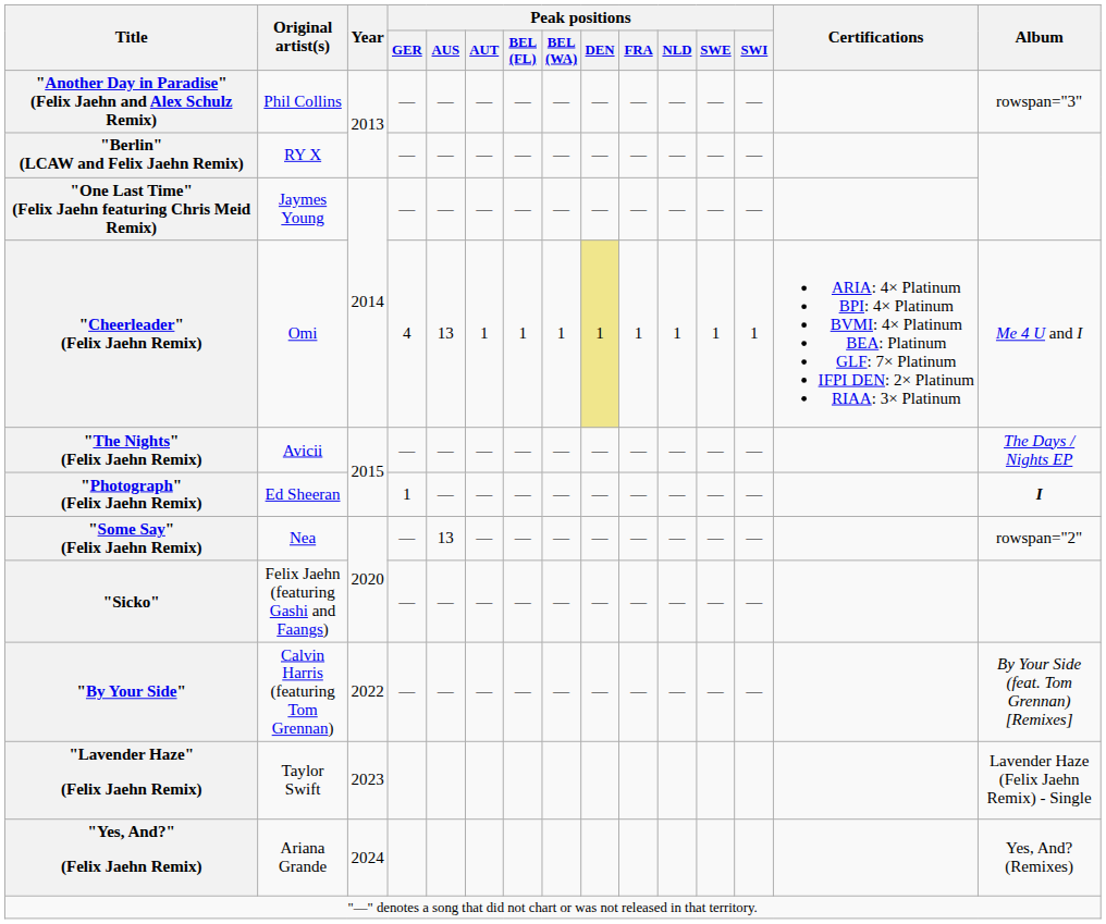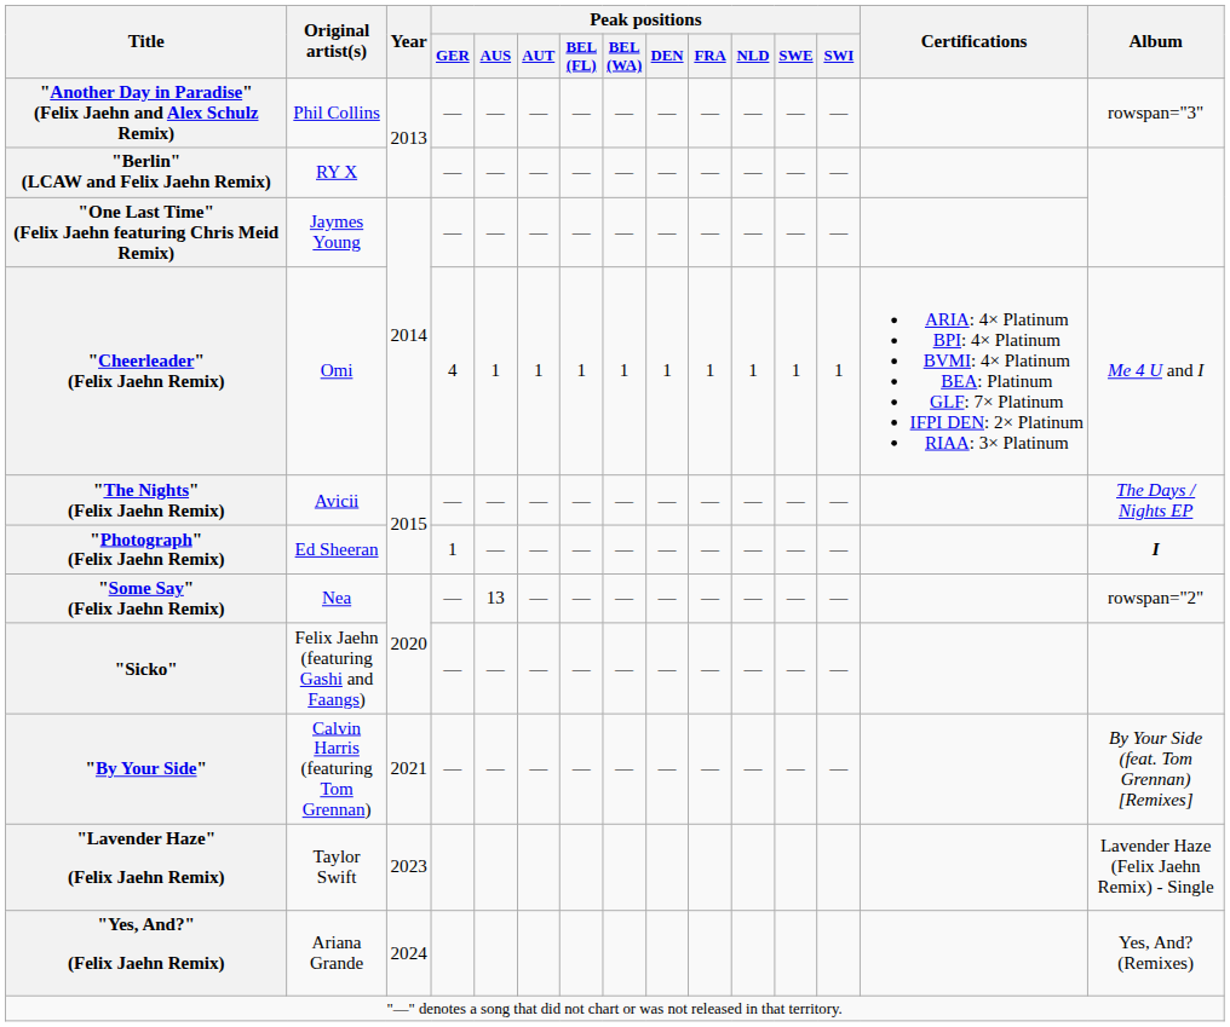 <table class="wikitable plainrowheaders" style="text-align:center;">
 <tr>
 <th scope="col" rowspan="2" style="width:15em;">Title</th>
 <th scope="col" rowspan="2" style="width:5em;">Original artist(s)</th>
 <th scope="col" rowspan="2" style="width:2em;">Year</th>
 <th scope="col" colspan="10">Peak positions</th>
 <th scope="col" rowspan="2">Certifications</th>
 <th scope="col" rowspan="2" style="width:7em;">Album</th>
 </tr>
 <tr>
 <th scope="col" style="width:2.3em;font-size:85%;"><a href='#'>GER</a><br></th>
 <th scope="col" style="width:2.3em;font-size:85%;"><a href='#'>AUS</a><br></th>
 <th scope="col" style="width:2.3em;font-size:85%;"><a href='#'>AUT</a><br></th>
 <th scope="col" style="width:2.3em;font-size:85%;"><a href='#'>BEL<br>(FL)</a><br></th>
 <th scope="col" style="width:2.3em;font-size:85%;"><a href='#'>BEL<br>(WA)</a><br></th>
 <th scope="col" style="width:2.3em;font-size:85%;"><a href='#'>DEN</a><br></th>
 <th scope="col" style="width:2.3em;font-size:85%;"><a href='#'>FRA</a><br></th>
 <th scope="col" style="width:2.3em;font-size:85%;"><a href='#'>NLD</a><br></th>
 <th scope="col" style="width:2.3em;font-size:85%;"><a href='#'>SWE</a><br></th>
 <th scope="col" style="width:2.3em;font-size:85%;"><a href='#'>SWI</a><br></th>
 </tr>
 <tr>
 <th scope="row">"<a href='#'>Another Day in Paradise</a>" <br><span>(Felix Jaehn and <a href='#'>Alex Schulz</a> Remix)</span></th>
 <td><a href='#'>Phil Collins</a></td>
 <td rowspan="2">2013</td>
 <td>—</td>
 <td>—</td>
 <td>—</td>
 <td>—</td>
 <td>—</td>
 <td>—</td>
 <td>—</td>
 <td>—</td>
 <td>—</td>
 <td>—</td>
 <td></td>
 <td>rowspan="3" </td>
 </tr>
 <tr>
 <th scope="row">"Berlin"<br><span>(LCAW and Felix Jaehn Remix)</span></th>
 <td><a href='#'>RY X</a></td>
 <td>—</td>
 <td>—</td>
 <td>—</td>
 <td>—</td>
 <td>—</td>
 <td>—</td>
 <td>—</td>
 <td>—</td>
 <td>—</td>
 <td>—</td>
 <td></td>
 </tr>
 <tr>
 <th scope="row">"One Last Time"<br><span>(Felix Jaehn featuring Chris Meid Remix)</span></th>
 <td><a href='#'>Jaymes Young</a></td>
 <td rowspan="2">2014</td>
 <td>—</td>
 <td>—</td>
 <td>—</td>
 <td>—</td>
 <td>—</td>
 <td>—</td>
 <td>—</td>
 <td>—</td>
 <td>—</td>
 <td>—</td>
 <td></td>
 </tr>
 <tr>
 <th scope="row">"<a href='#'>Cheerleader</a>"<br><span>(Felix Jaehn Remix)</span></th>
 <td><a href='#'>Omi</a></td>
 <td>4</td>
-<td>13</td>
 <td>1</td>
 <td>1</td>
 <td>1</td>
-<td style="background: khaki;">1</td>
+<td>1</td>
+<td>1</td>
 <td>1</td>
 <td>1</td>
 <td>1</td>
 <td>1</td>
 <td><br><ul><li><a href='#'>ARIA</a>: 4× Platinum</li><li><a href='#'>BPI</a>: 4× Platinum</li><li><a href='#'>BVMI</a>: 4× Platinum</li><li><a href='#'>BEA</a>: Platinum</li><li><a href='#'>GLF</a>: 7× Platinum</li><li><a href='#'>IFPI DEN</a>: 2× Platinum</li><li><a href='#'>RIAA</a>: 3× Platinum</li></ul></td>
 <td><em><a href='#'>Me 4 U</a></em> and <em>I</em></td>
 </tr>
 <tr>
 <th scope="row">"<a href='#'>The Nights</a>"<br><span>(Felix Jaehn Remix)</span></th>
 <td><a href='#'>Avicii</a></td>
 <td rowspan="2">2015</td>
 <td>—</td>
 <td>—</td>
 <td>—</td>
 <td>—</td>
 <td>—</td>
 <td>—</td>
 <td>—</td>
 <td>—</td>
 <td>—</td>
 <td>—</td>
 <td></td>
 <td><em><a href='#'>The Days / Nights EP</a></em></td>
 </tr>
 <tr>
 <th scope="row">"<a href='#'>Photograph</a>"<br><span>(Felix Jaehn Remix)</span></th>
 <td><a href='#'>Ed Sheeran</a></td>
 <td>1</td>
 <td>—</td>
 <td>—</td>
 <td>—</td>
 <td>—</td>
 <td>—</td>
 <td>—</td>
 <td>—</td>
 <td>—</td>
 <td>—</td>
 <td></td>
 <td><strong><em>I</em></strong></td>
 </tr>
 <tr>
 <th scope="row">"<a href='#'>Some Say</a>" <br><span>(Felix Jaehn Remix)</span></th>
 <td><a href='#'>Nea</a></td>
 <td rowspan="2">2020</td>
 <td>—</td>
 <td>13</td>
 <td>—</td>
 <td>—</td>
 <td>—</td>
 <td>—</td>
 <td>—</td>
 <td>—</td>
 <td>—</td>
 <td>—</td>
 <td></td>
 <td>rowspan="2" </td>
 </tr>
 <tr>
 <th scope="row">"Sicko"</th>
 <td>Felix Jaehn <br><span>(featuring <a href='#'>Gashi</a> and <a href='#'>Faangs</a>)</span></td>
 <td>—</td>
 <td>—</td>
 <td>—</td>
 <td>—</td>
 <td>—</td>
 <td>—</td>
 <td>—</td>
 <td>—</td>
 <td>—</td>
 <td>—</td>
 <td></td>
 </tr>
 <tr>
 <th scope="row">"<a href='#'>By Your Side</a>"</th>
 <td><a href='#'>Calvin Harris</a> <br><span>(featuring <a href='#'>Tom Grennan</a>)</span></td>
-<td>2022</td>
+<td>2021</td>
 <td>—</td>
 <td>—</td>
 <td>—</td>
 <td>—</td>
 <td>—</td>
 <td>—</td>
 <td>—</td>
 <td>—</td>
 <td>—</td>
 <td>—</td>
 <td></td>
 <td><em>By Your Side (feat. Tom Grennan) [Remixes]</em></td>
 </tr>
 <tr>
 <th scope="row">"Lavender Haze"<blockquote>(Felix Jaehn Remix)</blockquote></th>
 <td>Taylor Swift</td>
 <td>2023</td>
 <td></td>
 <td></td>
 <td></td>
 <td></td>
 <td></td>
 <td></td>
 <td></td>
 <td></td>
 <td></td>
 <td></td>
 <td></td>
 <td>Lavender Haze (Felix Jaehn Remix) - Single</td>
 </tr>
 <tr>
 <th scope="row">"Yes, And?"<blockquote>(Felix Jaehn Remix)</blockquote></th>
 <td>Ariana Grande</td>
 <td>2024</td>
 <td></td>
 <td></td>
 <td></td>
 <td></td>
 <td></td>
 <td></td>
 <td></td>
 <td></td>
 <td></td>
 <td></td>
 <td></td>
 <td>Yes, And? (Remixes)</td>
 </tr>
 <tr>
 <td colspan="16" style="font-size:85%">"—" denotes a song that did not chart or was not released in that territory.</td>
 </tr>
 </table>
